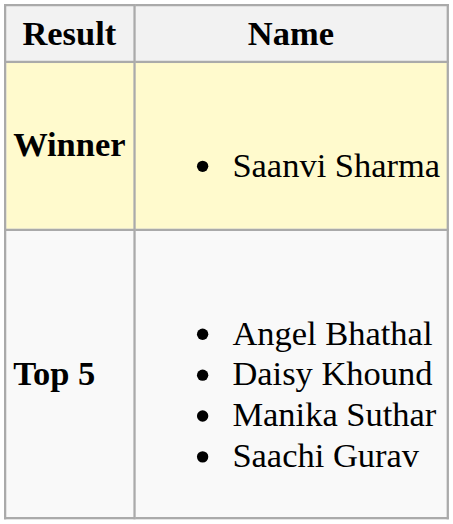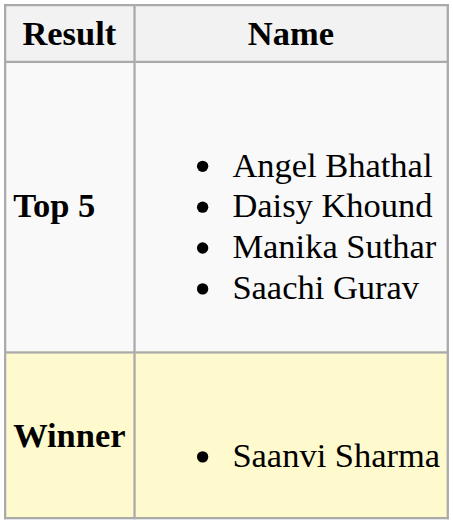 <table class="wikitable sortable" style="font-size: 95%;">
 <tr>
 <th>Result</th>
 <th>Name</th>
 </tr>
+<tr>
+<td><strong>Top 5</strong></td>
+<td><br><ul><li>Angel Bhathal</li><li>Daisy Khound</li><li>Manika Suthar</li><li>Saachi Gurav</li></ul></td>
+</tr>
 <tr style="background:#FFFACD">
 <td><strong>Winner</strong></td>
 <td><br><ul><li>Saanvi Sharma</li></ul></td>
 </tr>
-<tr>
-<td><strong>Top 5</strong></td>
-<td><br><ul><li>Angel Bhathal</li><li>Daisy Khound</li><li>Manika Suthar</li><li>Saachi Gurav</li></ul></td>
-</tr>
 </table>
